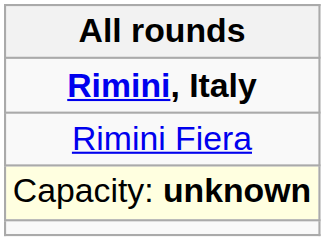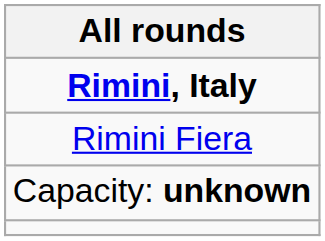 <table class="wikitable" style="text-align:center">
 <tr>
 <th>All rounds</th>
 </tr>
 <tr>
 <td><strong><a href='#'>Rimini</a>, Italy</strong></td>
 </tr>
 <tr>
 <td><a href='#'>Rimini Fiera</a></td>
 </tr>
 <tr>
-<td style="background: lightyellow;">Capacity: <strong>unknown</strong></td>
+<td>Capacity: <strong>unknown</strong></td>
 </tr>
 <tr>
 <td></td>
 </tr>
 </table>
